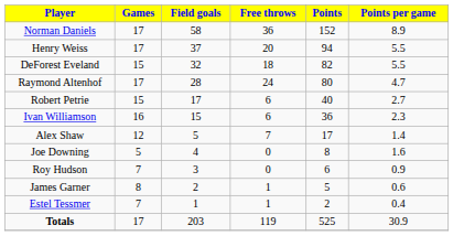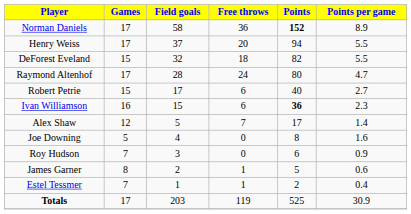 <table class="wikitable" width="650">
 <tr align="center"  style="background:yellow;color:blue;">
 <td><strong>Player</strong></td>
 <td><strong>Games</strong></td>
 <td><strong>Field goals</strong></td>
 <td><strong>Free throws</strong></td>
 <td><strong>Points</strong></td>
 <td><strong>Points per game</strong></td>
 </tr>
 <tr align="center" bgcolor="">
 <td><a href='#'>Norman Daniels</a></td>
 <td>17</td>
 <td>58</td>
 <td>36</td>
-<td>152</td>
+<td><strong>152</strong></td>
 <td>8.9</td>
 </tr>
 <tr align="center" bgcolor="">
 <td>Henry Weiss</td>
 <td>17</td>
 <td>37</td>
 <td>20</td>
 <td>94</td>
 <td>5.5</td>
 </tr>
 <tr align="center" bgcolor="">
 <td>DeForest Eveland</td>
 <td>15</td>
 <td>32</td>
 <td>18</td>
 <td>82</td>
 <td>5.5</td>
 </tr>
 <tr align="center" bgcolor="">
 <td>Raymond Altenhof</td>
 <td>17</td>
 <td>28</td>
 <td>24</td>
 <td>80</td>
 <td>4.7</td>
 </tr>
 <tr align="center" bgcolor="">
 <td>Robert Petrie</td>
 <td>15</td>
 <td>17</td>
 <td>6</td>
 <td>40</td>
 <td>2.7</td>
 </tr>
 <tr align="center" bgcolor="">
 <td><a href='#'>Ivan Williamson</a></td>
 <td>16</td>
 <td>15</td>
 <td>6</td>
-<td>36</td>
+<td><strong>36</strong></td>
 <td>2.3</td>
 </tr>
 <tr align="center" bgcolor="">
 <td>Alex Shaw</td>
 <td>12</td>
 <td>5</td>
 <td>7</td>
 <td>17</td>
 <td>1.4</td>
 </tr>
 <tr align="center" bgcolor="">
 <td>Joe Downing</td>
 <td>5</td>
 <td>4</td>
 <td>0</td>
 <td>8</td>
 <td>1.6</td>
 </tr>
 <tr align="center" bgcolor="">
 <td>Roy Hudson</td>
 <td>7</td>
 <td>3</td>
 <td>0</td>
 <td>6</td>
 <td>0.9</td>
 </tr>
 <tr align="center" bgcolor="">
 <td>James Garner</td>
 <td>8</td>
 <td>2</td>
 <td>1</td>
 <td>5</td>
 <td>0.6</td>
 </tr>
 <tr align="center" bgcolor="">
 <td><a href='#'>Estel Tessmer</a></td>
 <td>7</td>
 <td>1</td>
 <td>1</td>
 <td>2</td>
 <td>0.4</td>
 </tr>
 <tr align="center" bgcolor="">
 <td><strong>Totals</strong></td>
 <td>17</td>
 <td>203</td>
 <td>119</td>
 <td>525</td>
 <td>30.9</td>
 </tr>
 <tr align="center" bgcolor="">
 </tr>
 </table>
